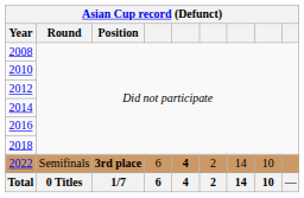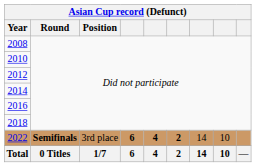 <table class="wikitable collapsible collapsed" style="text-align: center;">
 <tr>
 <th colspan=10><a href='#'>Asian Cup record</a> (Defunct)</th>
 </tr>
 <tr>
 <th>Year</th>
 <th>Round</th>
 <th>Position</th>
 <th width=30></th>
 <th width=30></th>
 <th width=30></th>
 <th width=30></th>
 <th width=30></th>
 <th></th>
 </tr>
 <tr>
 <td> <a href='#'>2008</a></td>
 <td rowspan=6 colspan=8><em>Did not participate</em></td>
 </tr>
 <tr>
 <td> <a href='#'>2010</a></td>
 </tr>
 <tr>
 <td> <a href='#'>2012</a></td>
 </tr>
 <tr>
 <td> <a href='#'>2014</a></td>
 </tr>
 <tr>
 <td> <a href='#'>2016</a></td>
 </tr>
 <tr>
 <td> <a href='#'>2018</a></td>
 </tr>
 <tr bgcolor=#cc9966>
 <td> <a href='#'>2022</a></td>
-<td>Semifinals</td>
-<td><strong> 3rd place</strong></td>
-<td>6</td>
+<td><strong>Semifinals</strong></td>
+<td> 3rd place</td>
+<td><strong>6</strong></td>
 <td><strong>4</strong></td>
-<td>2</td>
+<td><strong>2</strong></td>
 <td>14</td>
 <td>10</td>
 <td></td>
 </tr>
 <tr>
 <th>Total</th>
 <th>0 Titles</th>
 <th>1/7</th>
 <th>6</th>
 <th>4</th>
 <th>2</th>
 <th>14</th>
 <th>10</th>
 <th>—</th>
 </tr>
 </table>
